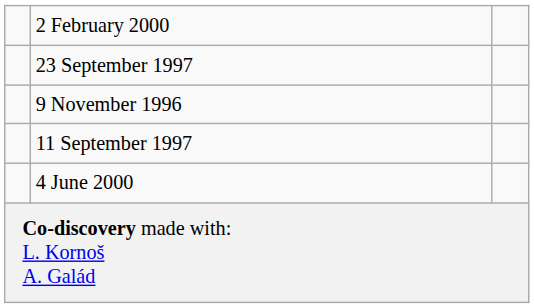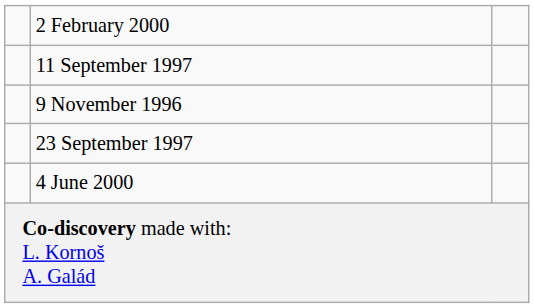 <table class="wikitable" style="font-size: 89%; float: left; width: 26em; margin-right: 1em; height: 210px;">
 <tr>
 <td></td>
 <td>2 February 2000</td>
 <td> </td>
 </tr>
 <tr>
 <td></td>
-<td>23 September 1997</td>
+<td>11 September 1997</td>
 <td> </td>
 </tr>
 <tr>
 <td></td>
 <td>9 November 1996</td>
 <td> </td>
 </tr>
 <tr>
 <td></td>
-<td>11 September 1997</td>
+<td>23 September 1997</td>
 <td> </td>
 </tr>
 <tr>
 <td></td>
 <td>4 June 2000</td>
 <td> </td>
 </tr>
 <tr>
 <th colspan=3 style="font-weight: normal; text-align: left; padding: 4px 12px;"><strong>Co-discovery</strong> made with:<br> <a href='#'>L. Kornoš</a><br> <a href='#'>A. Galád</a></th>
 </tr>
 </table>
